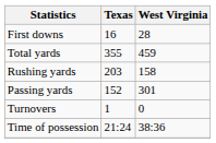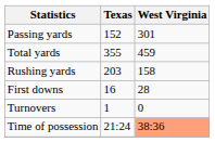 <table class="wikitable" style="float: left;">
 <tr>
 <th>Statistics</th>
 <th>Texas</th>
 <th>West Virginia</th>
 </tr>
 <tr>
-<td>First downs</td>
-<td>16</td>
-<td>28</td>
+<td>Passing yards</td>
+<td>152</td>
+<td>301</td>
 </tr>
 <tr>
 <td>Total yards</td>
 <td>355</td>
 <td>459</td>
 </tr>
 <tr>
 <td>Rushing yards</td>
 <td>203</td>
 <td>158</td>
 </tr>
 <tr>
-<td>Passing yards</td>
-<td>152</td>
-<td>301</td>
+<td>First downs</td>
+<td>16</td>
+<td>28</td>
 </tr>
 <tr>
 <td>Turnovers</td>
 <td>1</td>
 <td>0</td>
 </tr>
 <tr>
 <td>Time of possession</td>
 <td>21:24</td>
-<td>38:36</td>
+<td style="background: lightsalmon;">38:36</td>
 </tr>
 <tr>
 </tr>
 </table>
